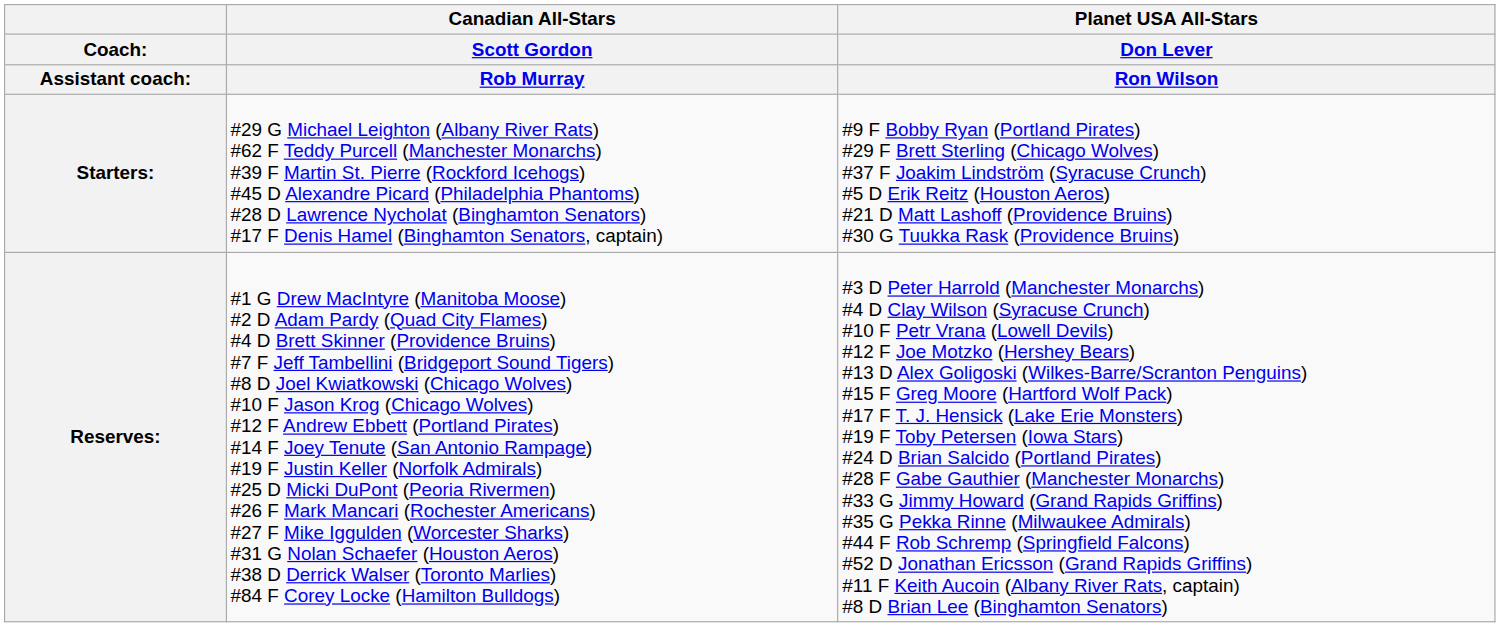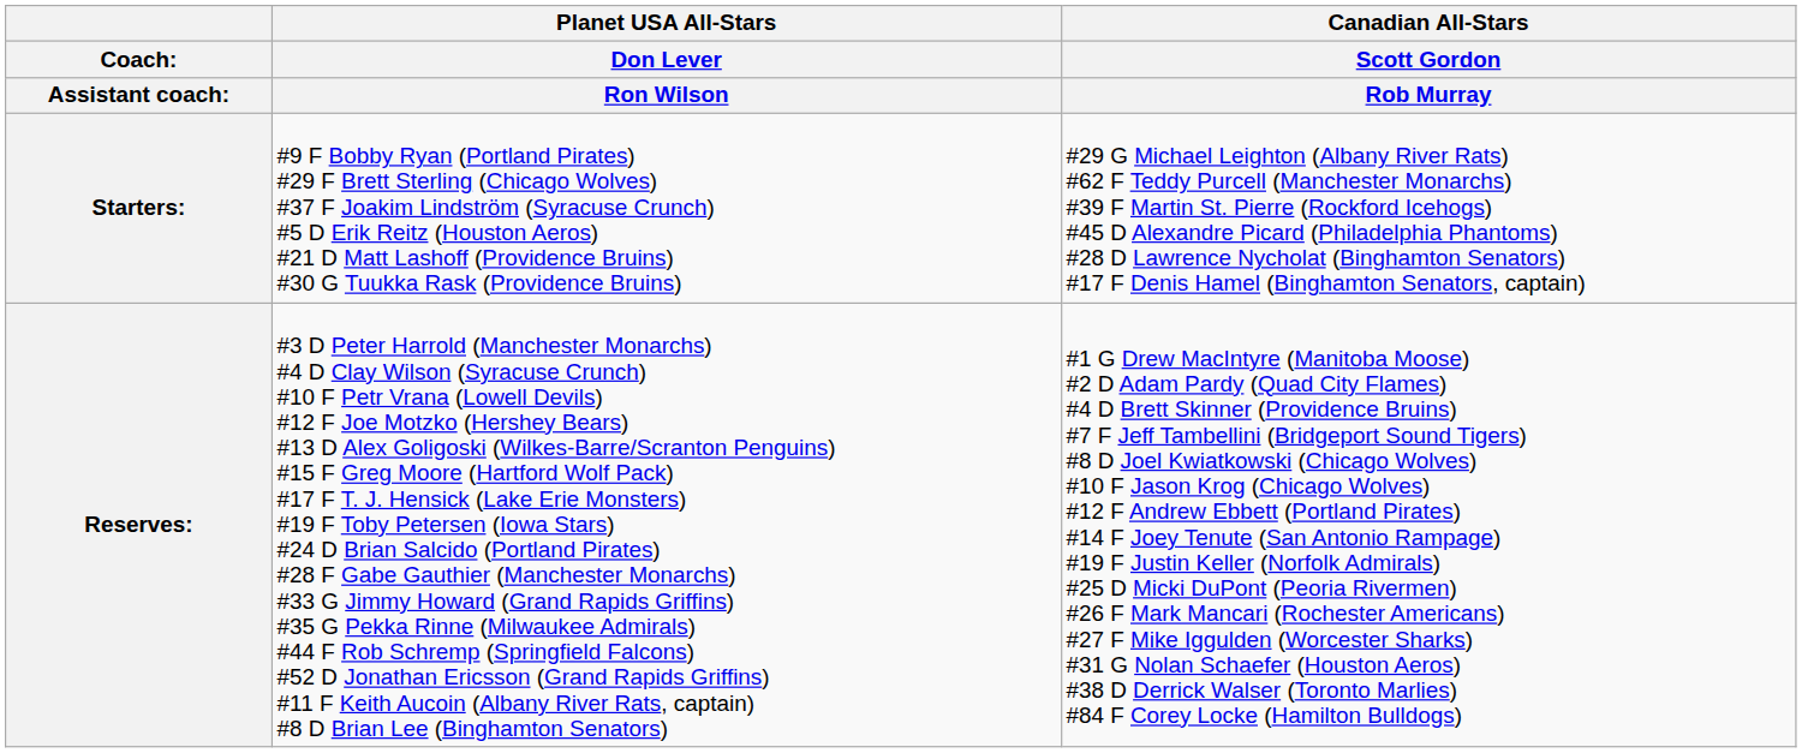 <table class="wikitable" style="width:100%">
 <tr>
 <th></th>
+<th>Planet USA All-Stars</th>
 <th>Canadian All-Stars</th>
-<th>Planet USA All-Stars</th>
 </tr>
 <tr>
 <th>Coach:</th>
+<th><a href='#'>Don Lever</a></th>
 <th><a href='#'>Scott Gordon</a></th>
-<th><a href='#'>Don Lever</a></th>
 </tr>
 <tr>
 <th>Assistant coach:</th>
+<th><a href='#'>Ron Wilson</a></th>
 <th><a href='#'>Rob Murray</a></th>
-<th><a href='#'>Ron Wilson</a></th>
 </tr>
 <tr>
 <th>Starters:</th>
+<td><br> #9 F <a href='#'>Bobby Ryan</a> (<a href='#'>Portland Pirates</a>)<br>  #29 F <a href='#'>Brett Sterling</a> (<a href='#'>Chicago Wolves</a>)<br>  #37 F <a href='#'>Joakim Lindström</a> (<a href='#'>Syracuse Crunch</a>)<br>  #5 D <a href='#'>Erik Reitz</a> (<a href='#'>Houston Aeros</a>)<br>  #21 D <a href='#'>Matt Lashoff</a> (<a href='#'>Providence Bruins</a>)<br>  #30 G <a href='#'>Tuukka Rask</a> (<a href='#'>Providence Bruins</a>)</td>
 <td><br> #29 G <a href='#'>Michael Leighton</a> (<a href='#'>Albany River Rats</a>)<br>  #62 F <a href='#'>Teddy Purcell</a> (<a href='#'>Manchester Monarchs</a>)<br>  #39 F <a href='#'>Martin St. Pierre</a> (<a href='#'>Rockford Icehogs</a>)<br>  #45 D <a href='#'>Alexandre Picard</a> (<a href='#'>Philadelphia Phantoms</a>)<br>  #28 D <a href='#'>Lawrence Nycholat</a> (<a href='#'>Binghamton Senators</a>)<br>  #17 F <a href='#'>Denis Hamel</a> (<a href='#'>Binghamton Senators</a>, captain)</td>
-<td><br> #9 F <a href='#'>Bobby Ryan</a> (<a href='#'>Portland Pirates</a>)<br>  #29 F <a href='#'>Brett Sterling</a> (<a href='#'>Chicago Wolves</a>)<br>  #37 F <a href='#'>Joakim Lindström</a> (<a href='#'>Syracuse Crunch</a>)<br>  #5 D <a href='#'>Erik Reitz</a> (<a href='#'>Houston Aeros</a>)<br>  #21 D <a href='#'>Matt Lashoff</a> (<a href='#'>Providence Bruins</a>)<br>  #30 G <a href='#'>Tuukka Rask</a> (<a href='#'>Providence Bruins</a>)</td>
 </tr>
 <tr>
 <th>Reserves:</th>
+<td><br> #3 D <a href='#'>Peter Harrold</a> (<a href='#'>Manchester Monarchs</a>)<br>  #4 D <a href='#'>Clay Wilson</a> (<a href='#'>Syracuse Crunch</a>)<br>  #10 F <a href='#'>Petr Vrana</a> (<a href='#'>Lowell Devils</a>)<br>  #12 F <a href='#'>Joe Motzko</a> (<a href='#'>Hershey Bears</a>)<br>  #13 D <a href='#'>Alex Goligoski</a> (<a href='#'>Wilkes-Barre/Scranton Penguins</a>)<br>  #15 F <a href='#'>Greg Moore</a> (<a href='#'>Hartford Wolf Pack</a>)<br>  #17 F <a href='#'>T. J. Hensick</a> (<a href='#'>Lake Erie Monsters</a>)<br>  #19 F <a href='#'>Toby Petersen</a> (<a href='#'>Iowa Stars</a>)<br>  #24 D <a href='#'>Brian Salcido</a> (<a href='#'>Portland Pirates</a>)<br>  #28 F <a href='#'>Gabe Gauthier</a> (<a href='#'>Manchester Monarchs</a>)<br>  #33 G <a href='#'>Jimmy Howard</a> (<a href='#'>Grand Rapids Griffins</a>)<br>  #35 G <a href='#'>Pekka Rinne</a> (<a href='#'>Milwaukee Admirals</a>)<br>  #44 F <a href='#'>Rob Schremp</a> (<a href='#'>Springfield Falcons</a>)<br>  #52 D <a href='#'>Jonathan Ericsson</a> (<a href='#'>Grand Rapids Griffins</a>)<br>  #11 F <a href='#'>Keith Aucoin</a>  (<a href='#'>Albany River Rats</a>, captain)<br>  #8 D <a href='#'>Brian Lee</a> (<a href='#'>Binghamton Senators</a>)</td>
 <td><br> #1 G <a href='#'>Drew MacIntyre</a> (<a href='#'>Manitoba Moose</a>)<br>  #2 D <a href='#'>Adam Pardy</a> (<a href='#'>Quad City Flames</a>)<br>  #4 D <a href='#'>Brett Skinner</a> (<a href='#'>Providence Bruins</a>)<br>  #7 F <a href='#'>Jeff Tambellini</a> (<a href='#'>Bridgeport Sound Tigers</a>)<br>  #8 D <a href='#'>Joel Kwiatkowski</a> (<a href='#'>Chicago Wolves</a>)<br>  #10 F <a href='#'>Jason Krog</a> (<a href='#'>Chicago Wolves</a>)<br>  #12 F <a href='#'>Andrew Ebbett</a> (<a href='#'>Portland Pirates</a>)<br>  #14 F <a href='#'>Joey Tenute</a> (<a href='#'>San Antonio Rampage</a>)<br>  #19 F <a href='#'>Justin Keller</a> (<a href='#'>Norfolk Admirals</a>)<br>  #25 D <a href='#'>Micki DuPont</a> (<a href='#'>Peoria Rivermen</a>)<br>  #26 F <a href='#'>Mark Mancari</a> (<a href='#'>Rochester Americans</a>)<br>  #27 F <a href='#'>Mike Iggulden</a> (<a href='#'>Worcester Sharks</a>)<br>  #31 G <a href='#'>Nolan Schaefer</a> (<a href='#'>Houston Aeros</a>)<br>  #38 D <a href='#'>Derrick Walser</a> (<a href='#'>Toronto Marlies</a>)<br>  #84 F <a href='#'>Corey Locke</a> (<a href='#'>Hamilton Bulldogs</a>)</td>
-<td><br> #3 D <a href='#'>Peter Harrold</a> (<a href='#'>Manchester Monarchs</a>)<br>  #4 D <a href='#'>Clay Wilson</a> (<a href='#'>Syracuse Crunch</a>)<br>  #10 F <a href='#'>Petr Vrana</a> (<a href='#'>Lowell Devils</a>)<br>  #12 F <a href='#'>Joe Motzko</a> (<a href='#'>Hershey Bears</a>)<br>  #13 D <a href='#'>Alex Goligoski</a> (<a href='#'>Wilkes-Barre/Scranton Penguins</a>)<br>  #15 F <a href='#'>Greg Moore</a> (<a href='#'>Hartford Wolf Pack</a>)<br>  #17 F <a href='#'>T. J. Hensick</a> (<a href='#'>Lake Erie Monsters</a>)<br>  #19 F <a href='#'>Toby Petersen</a> (<a href='#'>Iowa Stars</a>)<br>  #24 D <a href='#'>Brian Salcido</a> (<a href='#'>Portland Pirates</a>)<br>  #28 F <a href='#'>Gabe Gauthier</a> (<a href='#'>Manchester Monarchs</a>)<br>  #33 G <a href='#'>Jimmy Howard</a> (<a href='#'>Grand Rapids Griffins</a>)<br>  #35 G <a href='#'>Pekka Rinne</a> (<a href='#'>Milwaukee Admirals</a>)<br>  #44 F <a href='#'>Rob Schremp</a> (<a href='#'>Springfield Falcons</a>)<br>  #52 D <a href='#'>Jonathan Ericsson</a> (<a href='#'>Grand Rapids Griffins</a>)<br>  #11 F <a href='#'>Keith Aucoin</a>  (<a href='#'>Albany River Rats</a>, captain)<br>  #8 D <a href='#'>Brian Lee</a> (<a href='#'>Binghamton Senators</a>)</td>
 </tr>
 </table>
